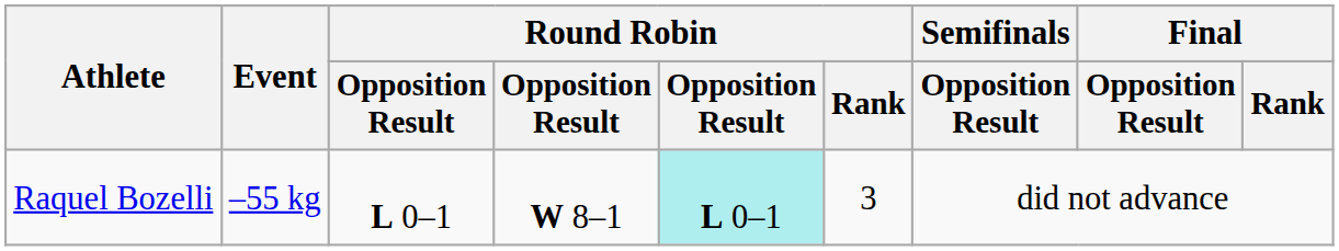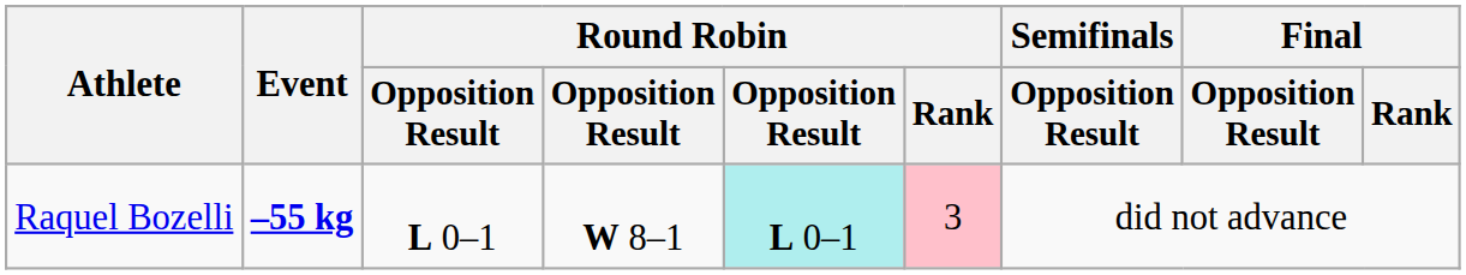 <table class="wikitable" border="1" style="font-size:90%">
 <tr>
 <th rowspan=2>Athlete</th>
 <th rowspan=2>Event</th>
 <th colspan=4>Round Robin</th>
 <th>Semifinals</th>
 <th colspan=2>Final</th>
 </tr>
 <tr style="font-size:95%">
 <th>Opposition<br>Result</th>
 <th>Opposition<br>Result</th>
 <th>Opposition<br>Result</th>
 <th>Rank</th>
 <th>Opposition<br>Result</th>
 <th>Opposition<br>Result</th>
 <th>Rank</th>
 </tr>
 <tr align=center>
 <td align=left><a href='#'>Raquel Bozelli</a></td>
-<td align=left><a href='#'>–55 kg</a></td>
+<td align=left><strong><a href='#'>–55 kg</a></strong></td>
 <td><br><strong>L</strong> 0–1</td>
 <td><br><strong>W</strong> 8–1</td>
 <td style="background: paleturquoise;"><br><strong>L</strong> 0–1</td>
-<td>3</td>
+<td style="background: pink;">3</td>
 <td colspan=3>did not advance</td>
 </tr>
 </table>
